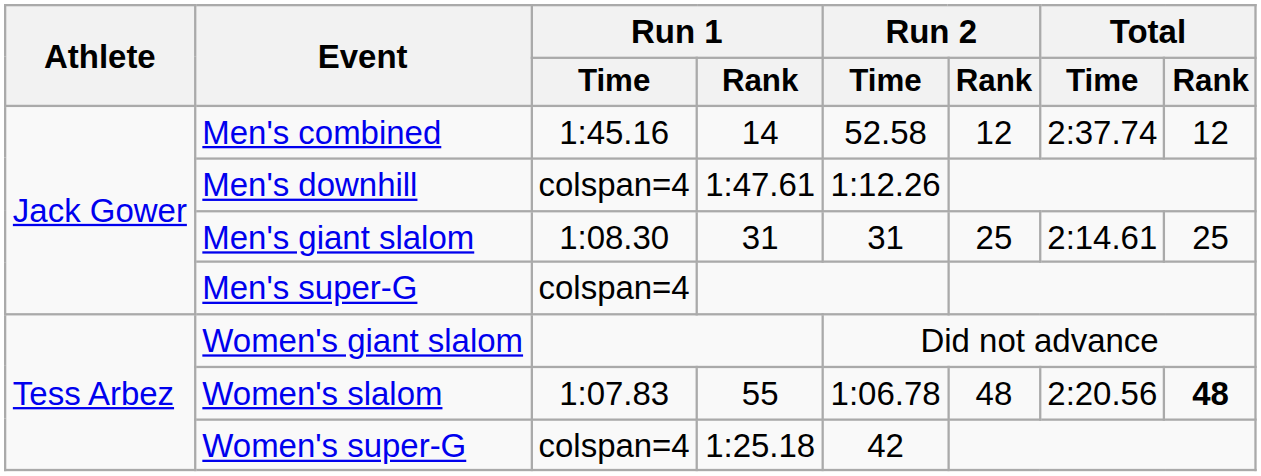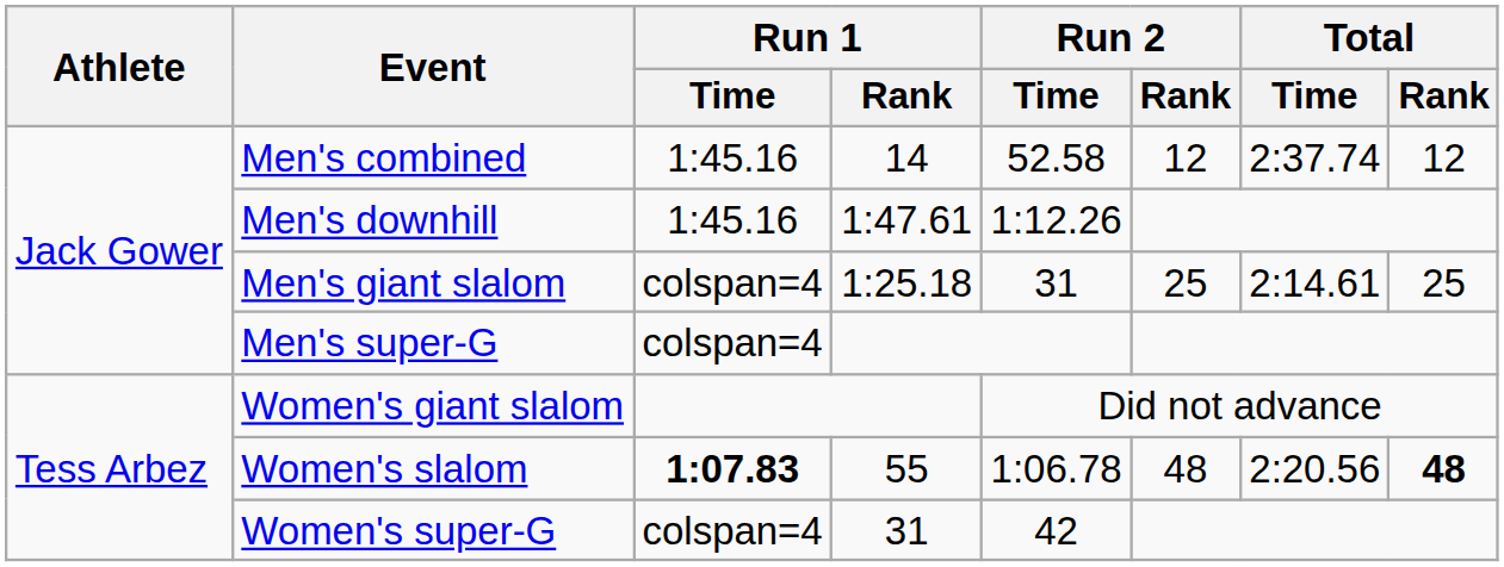 <table class=wikitable style=font-size:90%;text-align:center>
 <tr>
 <th rowspan=2>Athlete</th>
 <th rowspan=2>Event</th>
 <th colspan=2>Run 1</th>
 <th colspan=2>Run 2</th>
 <th colspan=2>Total</th>
 </tr>
 <tr style="font-size:95%">
 <th>Time</th>
 <th>Rank</th>
 <th>Time</th>
 <th>Rank</th>
 <th>Time</th>
 <th>Rank</th>
 </tr>
 <tr>
 <td align=left rowspan=4><a href='#'>Jack Gower</a></td>
 <td align=left><a href='#'>Men's combined</a></td>
 <td>1:45.16</td>
 <td>14</td>
 <td>52.58</td>
 <td>12</td>
 <td>2:37.74</td>
 <td>12</td>
 </tr>
 <tr>
 <td align=left><a href='#'>Men's downhill</a></td>
-<td>colspan=4 </td>
+<td>1:45.16</td>
 <td>1:47.61</td>
 <td>1:12.26</td>
 </tr>
 <tr>
 <td align=left><a href='#'>Men's giant slalom</a></td>
-<td>1:08.30</td>
-<td>31</td>
+<td>colspan=4 </td>
+<td>1:25.18</td>
 <td>31</td>
 <td>25</td>
 <td>2:14.61</td>
 <td>25</td>
 </tr>
 <tr>
 <td align=left><a href='#'>Men's super-G</a></td>
 <td>colspan=4 </td>
 <td colspan=2></td>
 </tr>
 <tr>
 <td align=left rowspan=3><a href='#'>Tess Arbez</a></td>
 <td align=left><a href='#'>Women's giant slalom</a></td>
 <td colspan=2></td>
 <td colspan=4>Did not advance</td>
 </tr>
 <tr>
 <td align=left><a href='#'>Women's slalom</a></td>
-<td>1:07.83</td>
+<td><strong>1:07.83</strong></td>
 <td>55</td>
 <td>1:06.78</td>
 <td>48</td>
 <td>2:20.56</td>
 <td><strong>48</strong></td>
 </tr>
 <tr>
 <td align=left><a href='#'>Women's super-G</a></td>
 <td>colspan=4 </td>
-<td>1:25.18</td>
+<td>31</td>
 <td>42</td>
 </tr>
 </table>
